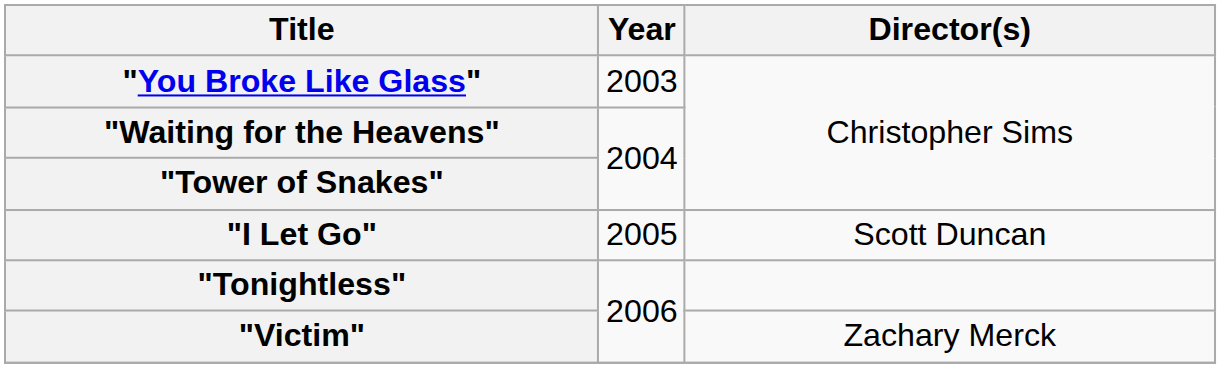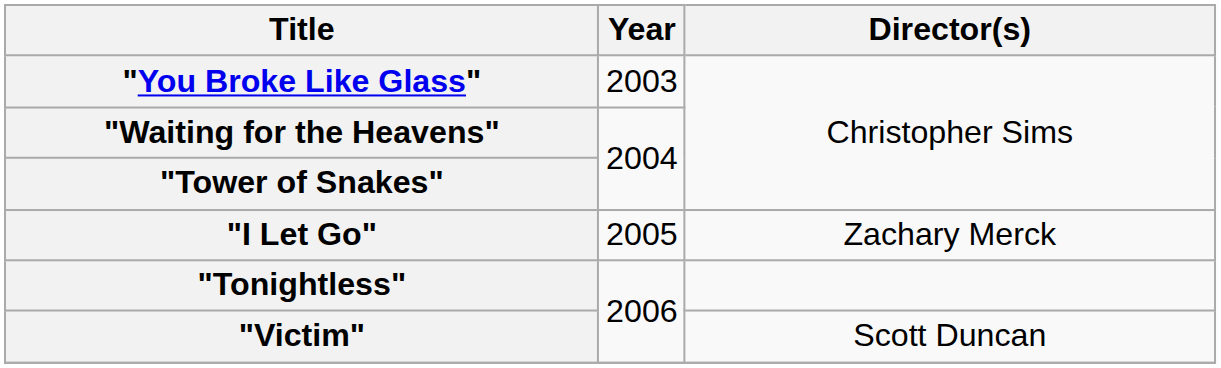 <table class="wikitable plainrowheaders" style="text-align:center;">
 <tr>
 <th scope="col" style="width:18em;">Title</th>
 <th scope="col">Year</th>
 <th scope="col" style="width:16em;">Director(s)</th>
 </tr>
 <tr>
 <th scope="row">"<a href='#'>You Broke Like Glass</a>"</th>
 <td>2003</td>
 <td rowspan="3">Christopher Sims</td>
 </tr>
 <tr>
 <th scope="row">"Waiting for the Heavens"</th>
 <td rowspan="2">2004</td>
 </tr>
 <tr>
 <th scope="row">"Tower of Snakes"</th>
 </tr>
 <tr>
 <th scope="row">"I Let Go"</th>
 <td>2005</td>
-<td>Scott Duncan</td>
+<td>Zachary Merck</td>
 </tr>
 <tr>
 <th scope="row">"Tonightless"</th>
 <td rowspan="2">2006</td>
 <td></td>
 </tr>
 <tr>
 <th scope="row">"Victim"</th>
-<td>Zachary Merck</td>
+<td>Scott Duncan</td>
 </tr>
 <tr>
 </tr>
 </table>
